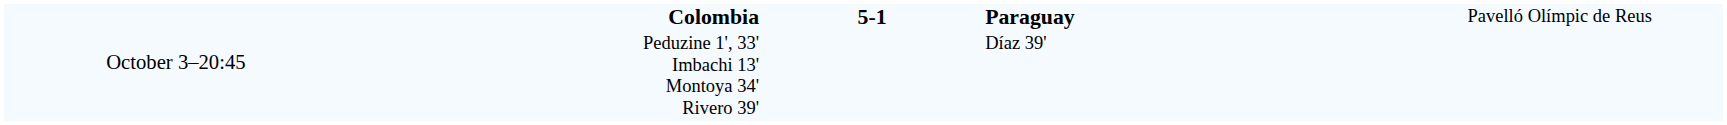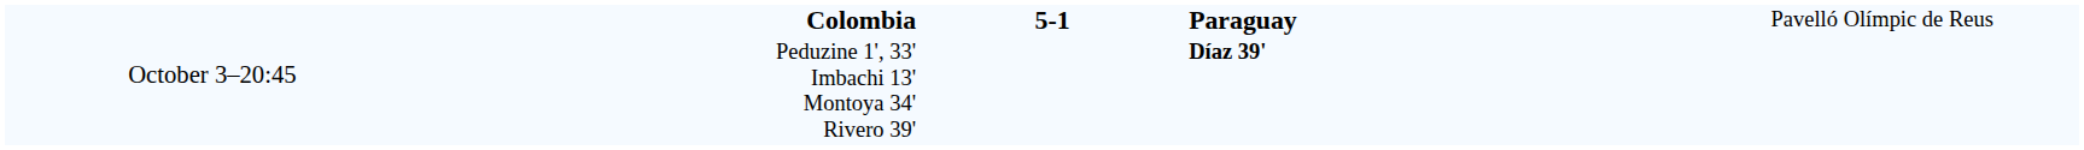 <table style="width: 100%; background:#F5FAFF;" cellspacing="0">
 <tr>
 <td style=font-size:95% align=center rowspan=3 width=20%>October 3–20:45</td>
 </tr>
 <tr>
 <td width=24% align=right><strong>Colombia</strong></td>
 <td align=center width=13%><strong>5-1</strong></td>
 <td width=24%><strong>Paraguay</strong></td>
 <td style=font-size:85% rowspan=3 valign=top align=center>Pavelló Olímpic de Reus</td>
 </tr>
 <tr style=font-size:85%>
 <td align=right valign=top>Peduzine 1', 33'<br>Imbachi 13'<br>Montoya 34'<br>Rivero 39'</td>
 <td></td>
-<td valign=top>Díaz 39'</td>
+<td valign=top><strong>Díaz 39'</strong></td>
 </tr>
 </table>
